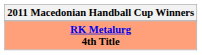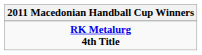 <table class="wikitable" style="text-align: center; margin: 0 auto;">
 <tr>
 <th>2011 Macedonian Handball Cup Winners</th>
 </tr>
 <tr>
 </tr>
 <tr>
-<td style="background: lightsalmon;"><strong><a href='#'>RK Metalurg</a></strong><br><strong>4th Title</strong></td>
+<td><strong><a href='#'>RK Metalurg</a></strong><br><strong>4th Title</strong></td>
 </tr>
 </table>
